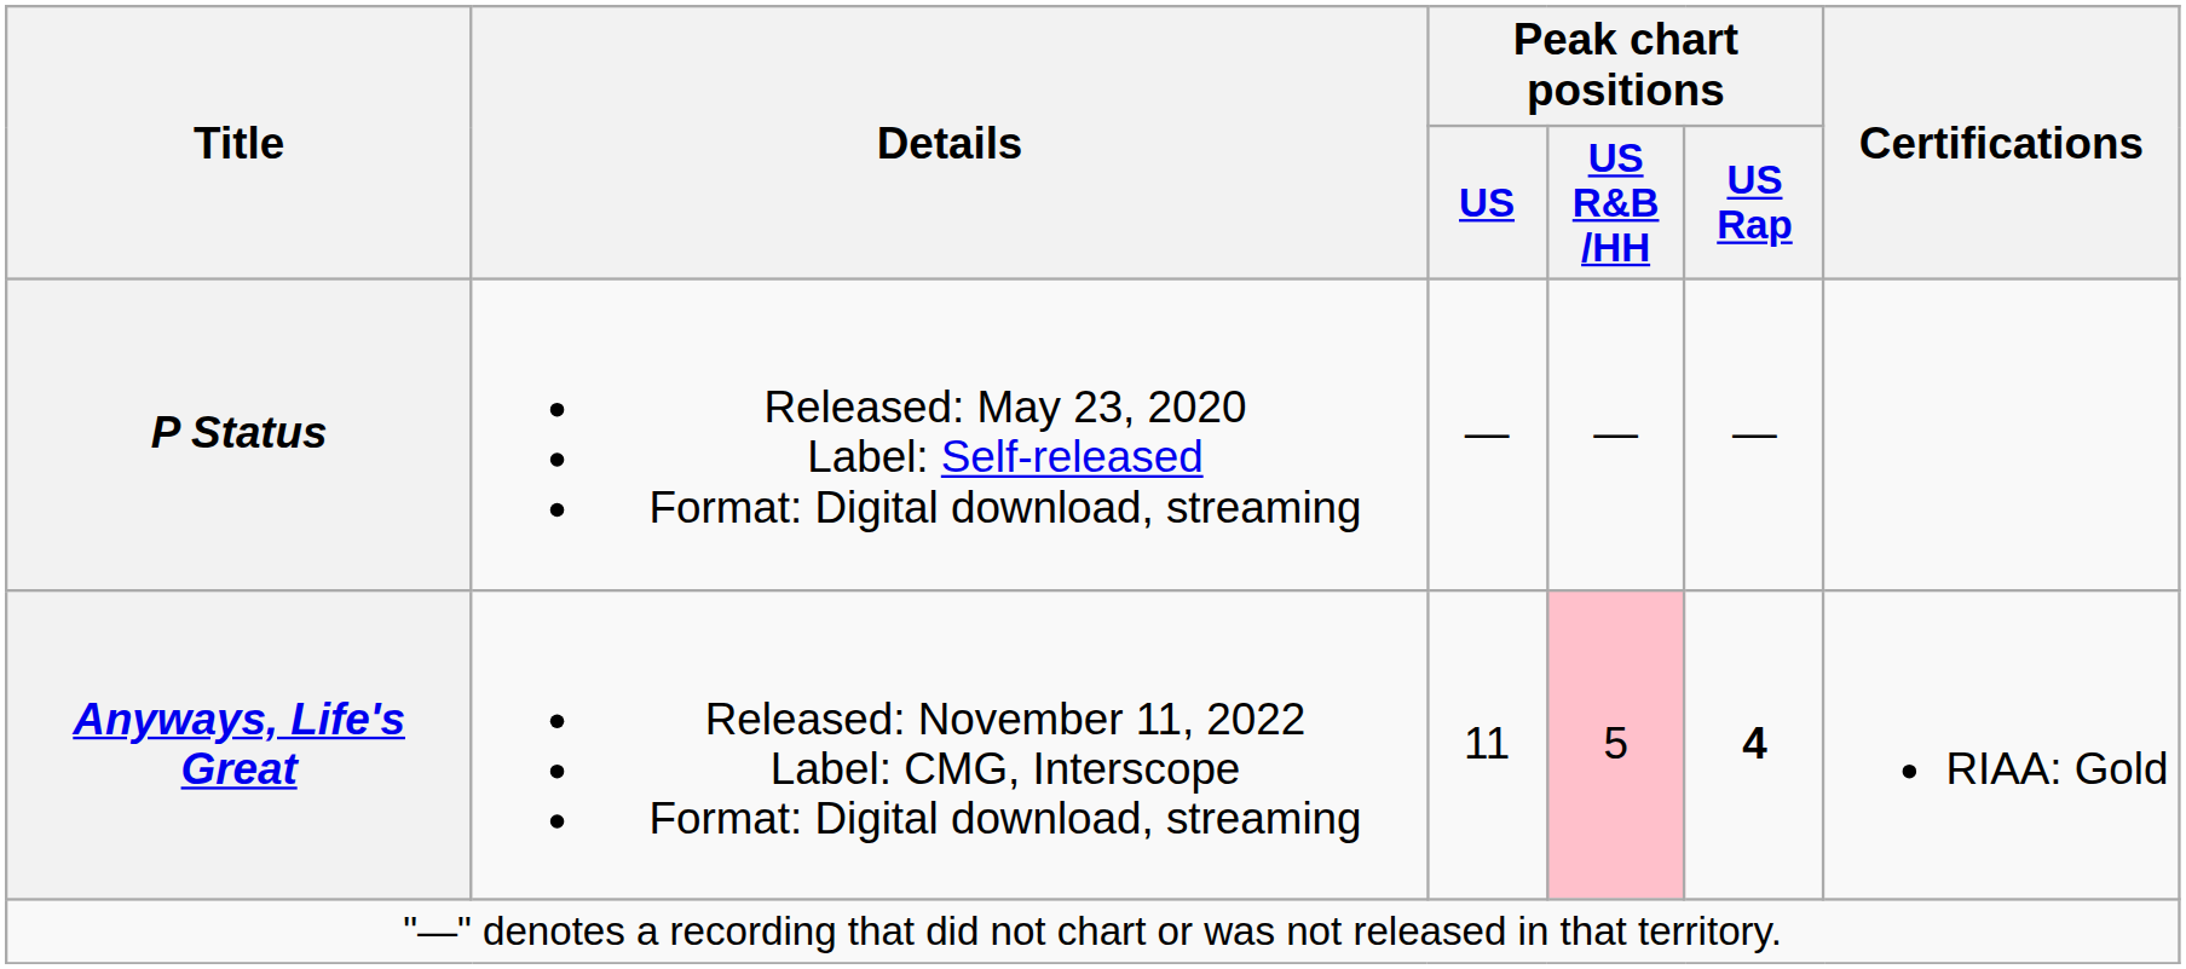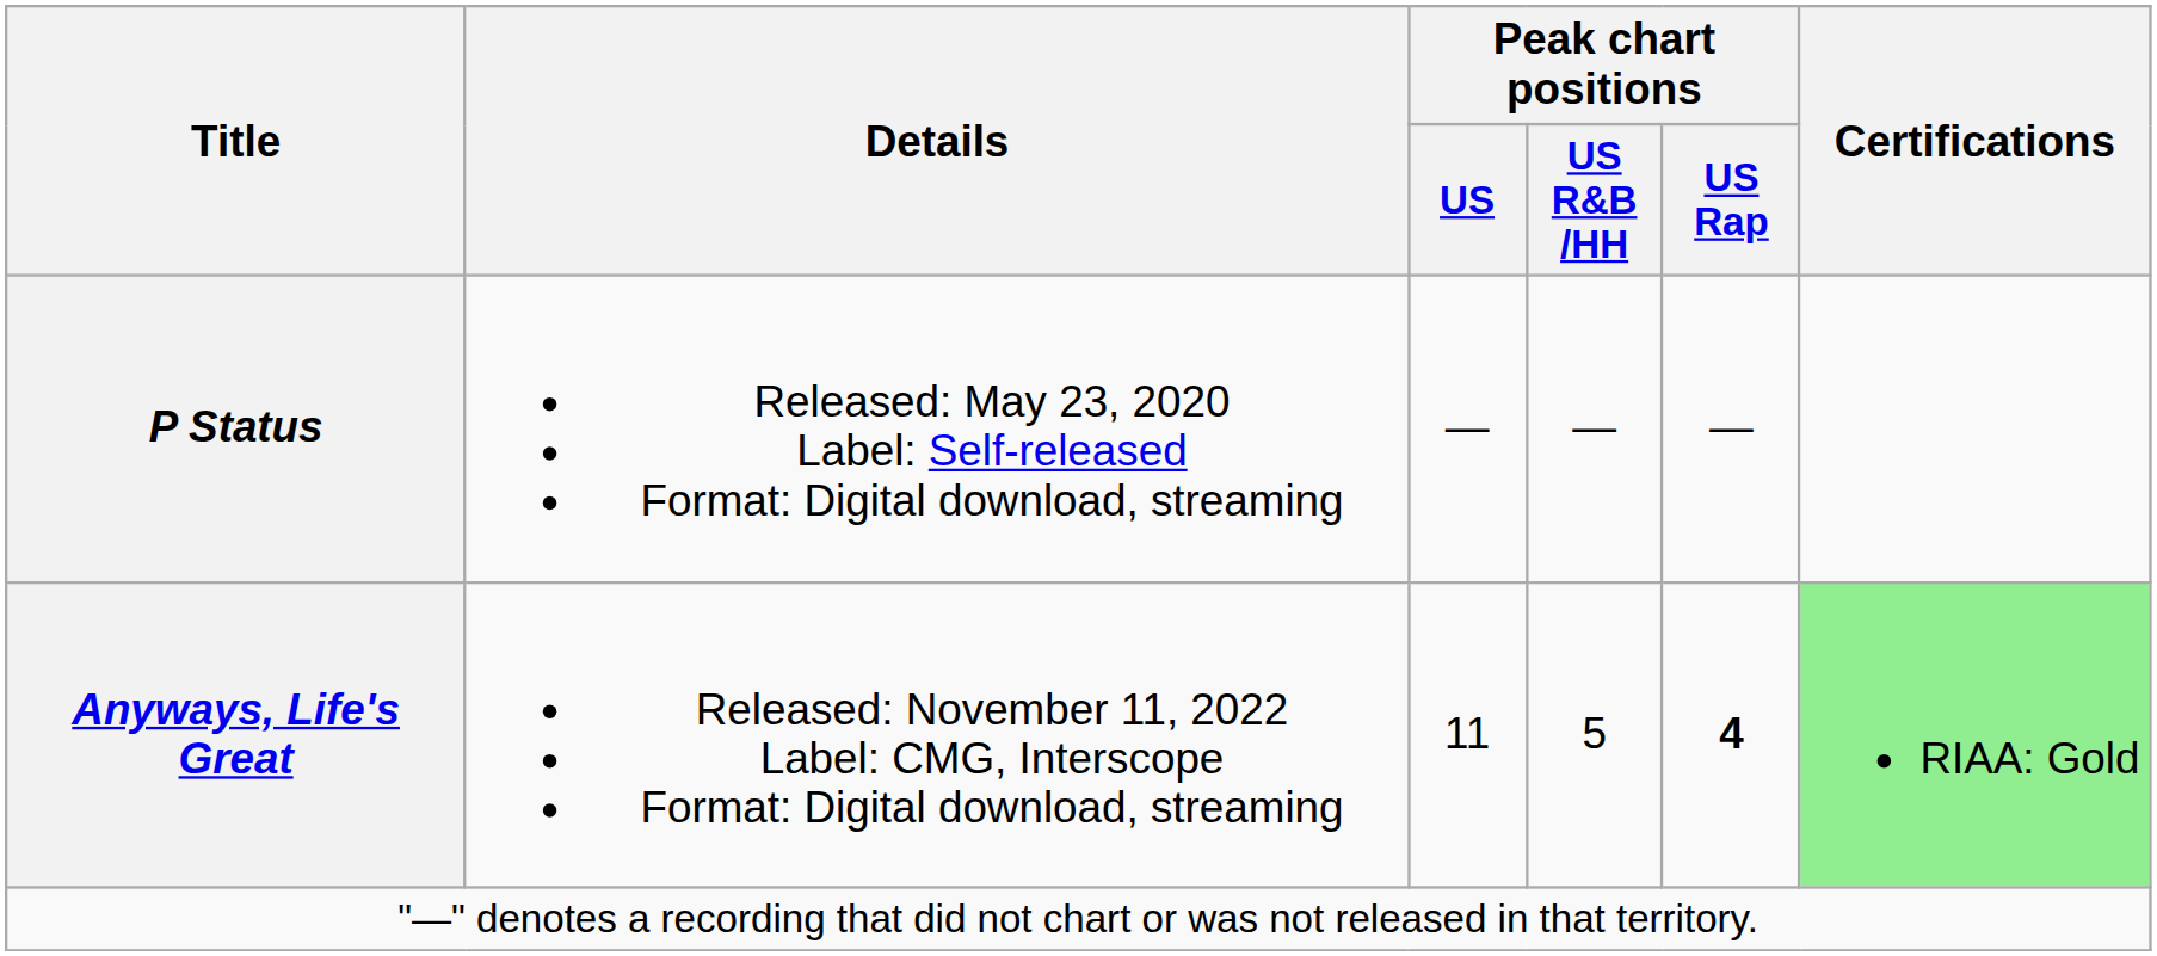 <table class="wikitable plainrowheaders" style="text-align:center;">
 <tr>
 <th scope="col" rowspan="2" style="width:10em;">Title</th>
 <th scope="col" rowspan="2" style="width:21em;">Details</th>
 <th scope="col" colspan="3">Peak chart positions</th>
 <th rowspan="2">Certifications</th>
 </tr>
 <tr>
 <th scope="col" style="width:2.5em;font-size:90%;"><a href='#'>US</a><br></th>
 <th scope="col" style="width:3em;font-size:90%;"><a href='#'>US<br>R&B<br>/HH</a><br></th>
 <th scope="col" style="width:3em;font-size:90%;"><a href='#'>US<br>Rap</a><br></th>
 </tr>
 <tr>
 <th scope="row"><em>P Status</em></th>
 <td><br><ul><li>Released: May 23, 2020</li><li>Label: <a href='#'>Self-released</a></li><li>Format: Digital download, streaming</li></ul></td>
 <td>—</td>
 <td>—</td>
 <td>—</td>
 <td></td>
 </tr>
 <tr>
 <th scope="row"><em><a href='#'>Anyways, Life's Great</a></em></th>
 <td><br><ul><li>Released: November 11, 2022</li><li>Label: CMG, Interscope</li><li>Format: Digital download, streaming</li></ul></td>
 <td>11</td>
-<td style="background: pink;">5</td>
+<td>5</td>
 <td><strong>4</strong></td>
-<td><br><ul><li>RIAA: Gold</li></ul></td>
+<td style="background: lightgreen;"><br><ul><li>RIAA: Gold</li></ul></td>
 </tr>
 <tr>
 <td colspan="8" style="font-size:90%">"—" denotes a recording that did not chart or was not released in that territory.</td>
 </tr>
 </table>
